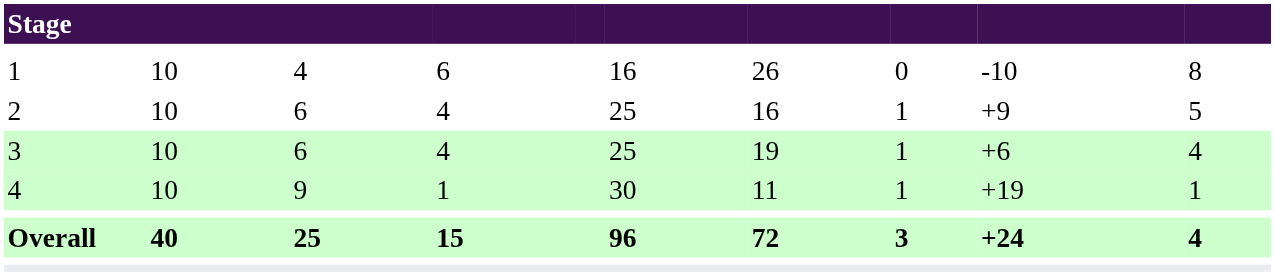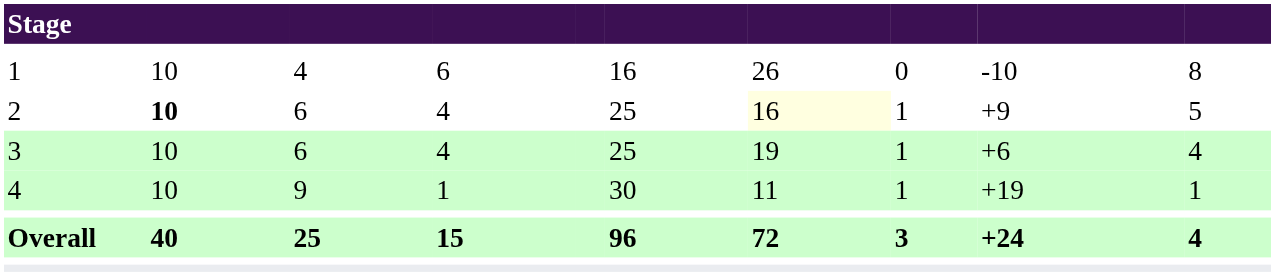 <table class="toccolours" border=0 cellpadding="2" cellspacing="0" style="font-size:95%; text-align:left; width:700px;">
 <tr align="left" style="background:#3C1053; color:#FFFFFF;">
 <th style="width:75px">Stage</th>
 <th></th>
 <th></th>
 <th></th>
 <th></th>
 <th></th>
 <th></th>
 <th></th>
 <th></th>
 <th></th>
 </tr>
 <tr>
 <td colspan = "10"></td>
 </tr>
 <tr>
 <td>1</td>
 <td>10</td>
 <td>4</td>
 <td>6</td>
 <td></td>
 <td>16</td>
 <td>26</td>
 <td>0</td>
 <td>-10</td>
 <td>8</td>
 </tr>
 <tr>
 <td>2</td>
-<td>10</td>
+<td><strong>10</strong></td>
 <td>6</td>
 <td>4</td>
 <td></td>
 <td>25</td>
-<td>16</td>
+<td style="background: lightyellow;">16</td>
 <td>1</td>
 <td>+9</td>
 <td>5</td>
 </tr>
 <tr style="background:#cfc">
 <td>3</td>
 <td>10</td>
 <td>6</td>
 <td>4</td>
 <td></td>
 <td>25</td>
 <td>19</td>
 <td>1</td>
 <td>+6</td>
 <td>4</td>
 </tr>
 <tr style="background:#cfc">
 <td>4</td>
 <td>10</td>
 <td>9</td>
 <td>1</td>
 <td></td>
 <td>30</td>
 <td>11</td>
 <td>1</td>
 <td>+19</td>
 <td>1</td>
 </tr>
 <tr>
 <td colspan="10"></td>
 </tr>
 <tr style="background-color:#cfc">
 <th>Overall</th>
 <th>40</th>
 <th>25</th>
 <th>15</th>
 <th></th>
 <th>96</th>
 <th>72</th>
 <th>3</th>
 <th>+24</th>
 <th>4</th>
 </tr>
 <tr>
 <td colspan="10"></td>
 </tr>
 <tr style="background:#EAECF0;">
 <td colspan="10" style="text-align:center;"></td>
 </tr>
 </table>
